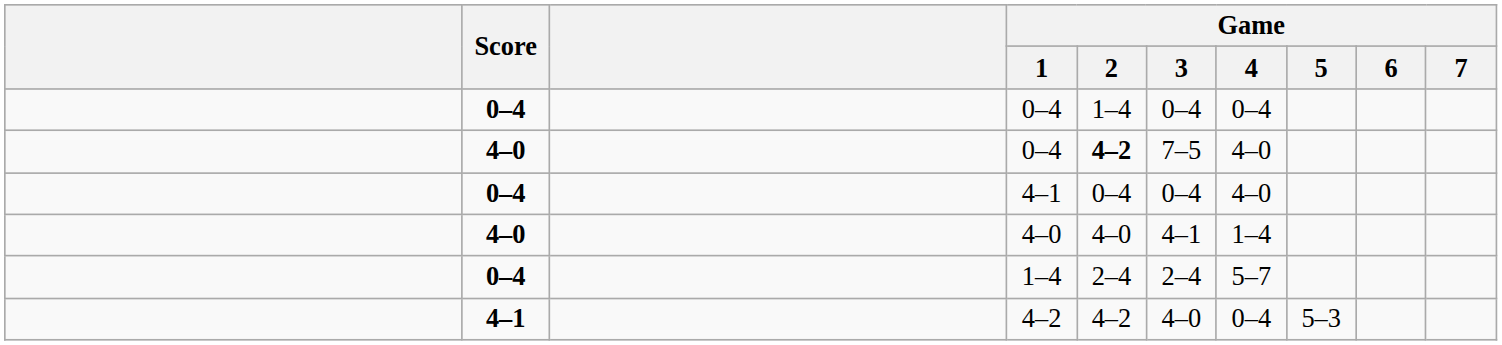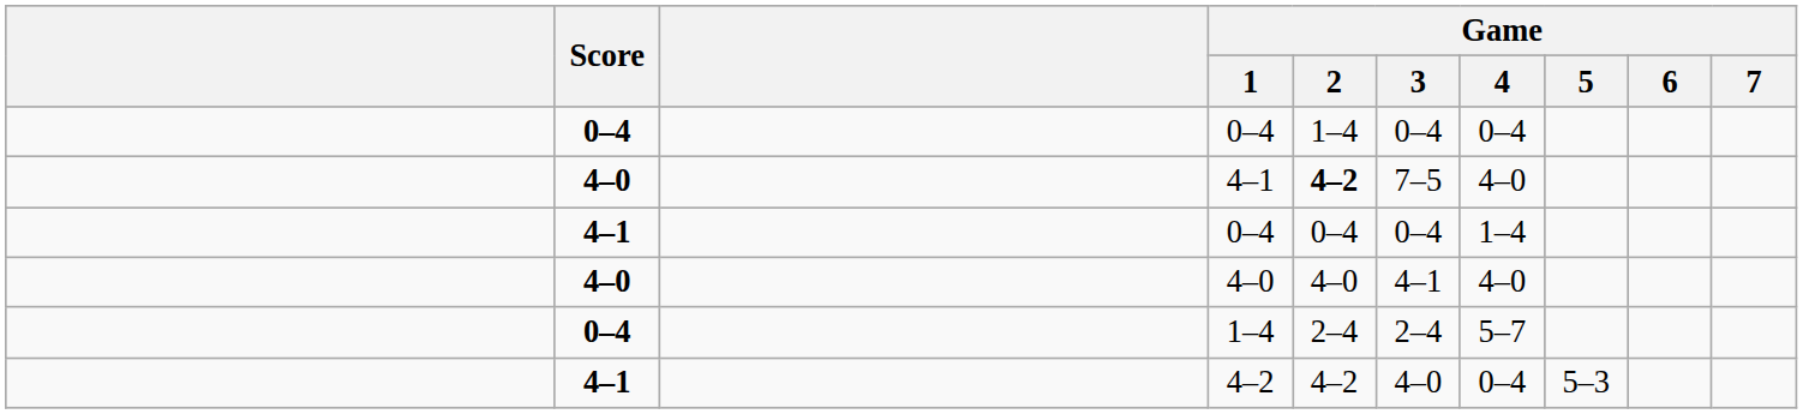 <table class="wikitable" style="text-align: center;">
 <tr>
 <th rowspan=2 align="right" width="270"></th>
 <th rowspan=2 width="45">Score</th>
 <th rowspan=2 align="left" width="270"></th>
 <th colspan=7>Game</th>
 </tr>
 <tr>
 <th width="35">1</th>
 <th width="35">2</th>
 <th width="35">3</th>
 <th width="35">4</th>
 <th width="35">5</th>
 <th width="35">6</th>
 <th width="35">7</th>
 </tr>
 <tr>
 <td align=left></td>
 <td align=center><strong>0–4</strong></td>
 <td align=left><strong></strong></td>
 <td>0–4</td>
 <td>1–4</td>
 <td>0–4</td>
 <td>0–4</td>
 <td></td>
 <td></td>
 <td></td>
 </tr>
 <tr>
 <td align=left><strong></strong></td>
 <td align=center><strong>4–0</strong></td>
 <td align=left></td>
-<td>0–4</td>
+<td>4–1</td>
 <td><strong>4–2</strong></td>
 <td>7–5</td>
 <td>4–0</td>
 <td></td>
 <td></td>
 <td></td>
 </tr>
 <tr>
 <td align=left></td>
-<td align=center><strong>0–4</strong></td>
+<td align=center><strong>4–1</strong></td>
 <td align=left><strong></strong></td>
-<td>4–1</td>
 <td>0–4</td>
 <td>0–4</td>
-<td>4–0</td>
+<td>0–4</td>
+<td>1–4</td>
 <td></td>
 <td></td>
 <td></td>
 </tr>
 <tr>
 <td align=left><strong></strong></td>
 <td align=center><strong>4–0</strong></td>
 <td align=left></td>
 <td>4–0</td>
 <td>4–0</td>
 <td>4–1</td>
-<td>1–4</td>
+<td>4–0</td>
 <td></td>
 <td></td>
 <td></td>
 </tr>
 <tr>
 <td align=left></td>
 <td align=center><strong>0–4</strong></td>
 <td align=left><strong></strong></td>
 <td>1–4</td>
 <td>2–4</td>
 <td>2–4</td>
 <td>5–7</td>
 <td></td>
 <td></td>
 <td></td>
 </tr>
 <tr>
 <td align=left><strong></strong></td>
 <td align=center><strong>4–1</strong></td>
 <td align=left></td>
 <td>4–2</td>
 <td>4–2</td>
 <td>4–0</td>
 <td>0–4</td>
 <td>5–3</td>
 <td></td>
 <td></td>
 </tr>
 </table>
